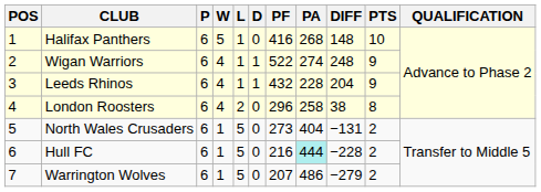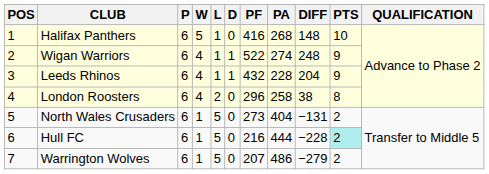 <table class="wikitable defaultcenter col2left">
 <tr>
 <th>POS</th>
 <th>CLUB</th>
 <th>P</th>
 <th>W</th>
 <th>L</th>
 <th>D</th>
 <th>PF</th>
 <th>PA</th>
 <th>DIFF</th>
 <th>PTS</th>
 <th>QUALIFICATION</th>
 </tr>
 <tr style="background:#ffffdd;">
 <td>1</td>
 <td> Halifax Panthers</td>
 <td>6</td>
 <td>5</td>
 <td>1</td>
 <td>0</td>
 <td>416</td>
 <td>268</td>
 <td>148</td>
 <td>10</td>
 <td rowspan="4">Advance to Phase 2</td>
 </tr>
 <tr style="background:#ffffdd;">
 <td>2</td>
 <td> Wigan Warriors</td>
 <td>6</td>
 <td>4</td>
 <td>1</td>
 <td>1</td>
 <td>522</td>
 <td>274</td>
 <td>248</td>
 <td>9</td>
 </tr>
 <tr style="background:#ffffdd;">
 <td>3</td>
 <td> Leeds Rhinos</td>
 <td>6</td>
 <td>4</td>
 <td>1</td>
 <td>1</td>
 <td>432</td>
 <td>228</td>
 <td>204</td>
 <td>9</td>
 </tr>
 <tr style="background:#ffffdd;">
 <td>4</td>
 <td> London Roosters</td>
 <td>6</td>
 <td>4</td>
 <td>2</td>
 <td>0</td>
 <td>296</td>
 <td>258</td>
 <td>38</td>
 <td>8</td>
 </tr>
 <tr>
 <td>5</td>
 <td> North Wales Crusaders</td>
 <td>6</td>
 <td>1</td>
 <td>5</td>
 <td>0</td>
 <td>273</td>
 <td>404</td>
 <td>−131</td>
 <td>2</td>
 <td rowspan="3">Transfer to Middle 5</td>
 </tr>
 <tr>
 <td>6</td>
 <td> Hull FC</td>
 <td>6</td>
 <td>1</td>
 <td>5</td>
 <td>0</td>
 <td>216</td>
-<td style="background: paleturquoise;">444</td>
+<td>444</td>
 <td>−228</td>
-<td>2</td>
+<td style="background: paleturquoise;">2</td>
 </tr>
 <tr>
 <td>7</td>
 <td> Warrington Wolves</td>
 <td>6</td>
 <td>1</td>
 <td>5</td>
 <td>0</td>
 <td>207</td>
 <td>486</td>
 <td>−279</td>
 <td>2</td>
 </tr>
 </table>
